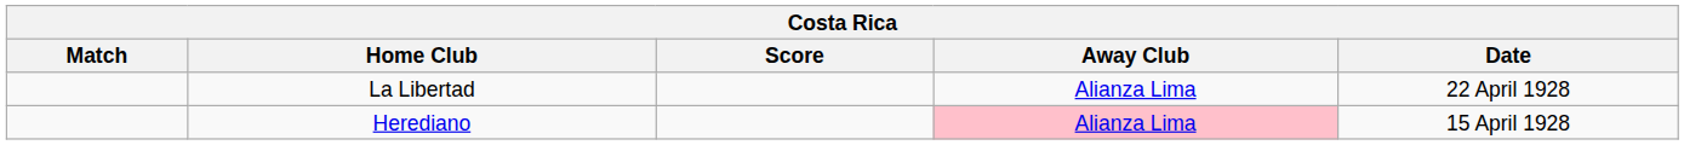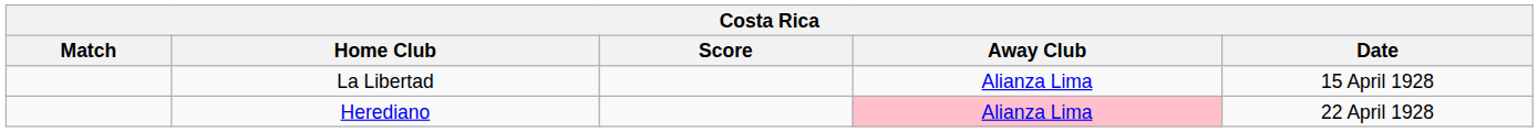 <table class="wikitable collapsible collapsed" style="font-size:95%; text-align: center; width: 95%; margin:0 auto 0.5em auto;">
 <tr>
 <th colspan="9" align="center" style="with: 100%;">Costa Rica</th>
 </tr>
 <tr>
 <th width="50">Match</th>
 <th width="140">Home Club</th>
 <th width="80">Score</th>
 <th width="120">Away Club</th>
 <th width="100">Date</th>
 </tr>
 <tr>
 <td></td>
 <td>La Libertad</td>
 <td></td>
 <td><a href='#'>Alianza Lima</a></td>
-<td>22 April 1928</td>
+<td>15 April 1928</td>
 </tr>
 <tr>
 <td></td>
 <td><a href='#'>Herediano</a></td>
 <td></td>
 <td style="background: pink;"><a href='#'>Alianza Lima</a></td>
-<td>15 April 1928</td>
+<td>22 April 1928</td>
 </tr>
 </table>
